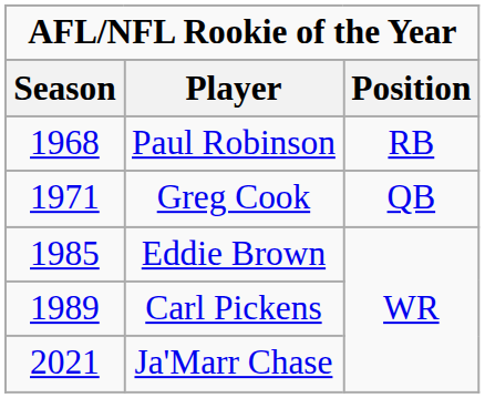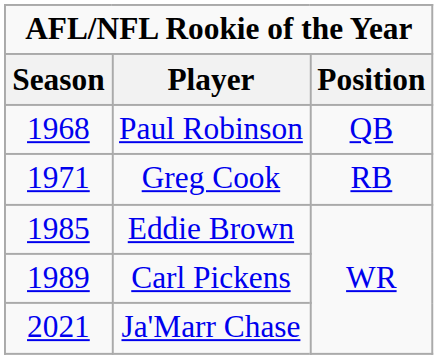 <table class="wikitable sortable" style="text-align:center">
 <tr>
 <td colspan="3"><strong>AFL/NFL Rookie of the Year</strong></td>
 </tr>
 <tr>
 <th>Season</th>
 <th>Player</th>
 <th>Position</th>
 </tr>
 <tr>
 <td><a href='#'>1968</a></td>
 <td><a href='#'>Paul Robinson</a></td>
-<td><a href='#'>RB</a></td>
+<td><a href='#'>QB</a></td>
 </tr>
 <tr>
 <td><a href='#'>1971</a></td>
 <td><a href='#'>Greg Cook</a></td>
-<td><a href='#'>QB</a></td>
+<td><a href='#'>RB</a></td>
 </tr>
 <tr>
 <td><a href='#'>1985</a></td>
 <td><a href='#'>Eddie Brown</a></td>
 <td rowspan=3><a href='#'>WR</a></td>
 </tr>
 <tr>
 <td><a href='#'>1989</a></td>
 <td><a href='#'>Carl Pickens</a></td>
 </tr>
 <tr>
 <td><a href='#'>2021</a></td>
 <td><a href='#'>Ja'Marr Chase</a></td>
 </tr>
 </table>
